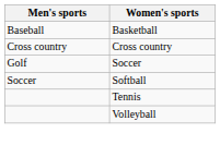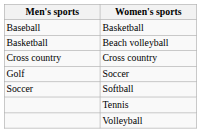 <table class="wikitable"; style= "text-align: ">
 <tr>
 <th width=150px>Men's sports</th>
 <th width=150px>Women's sports</th>
 </tr>
 <tr>
 <td>Baseball</td>
 <td>Basketball</td>
+</tr>
+<tr>
+<td>Basketball</td>
+<td>Beach volleyball</td>
 </tr>
 <tr>
 <td>Cross country</td>
 <td>Cross country</td>
 </tr>
 <tr>
 <td>Golf</td>
 <td>Soccer</td>
 </tr>
 <tr>
 <td>Soccer</td>
 <td>Softball</td>
 </tr>
 <tr>
 <td></td>
 <td>Tennis</td>
 </tr>
 <tr>
 <td></td>
 <td>Volleyball</td>
 </tr>
 </table>
